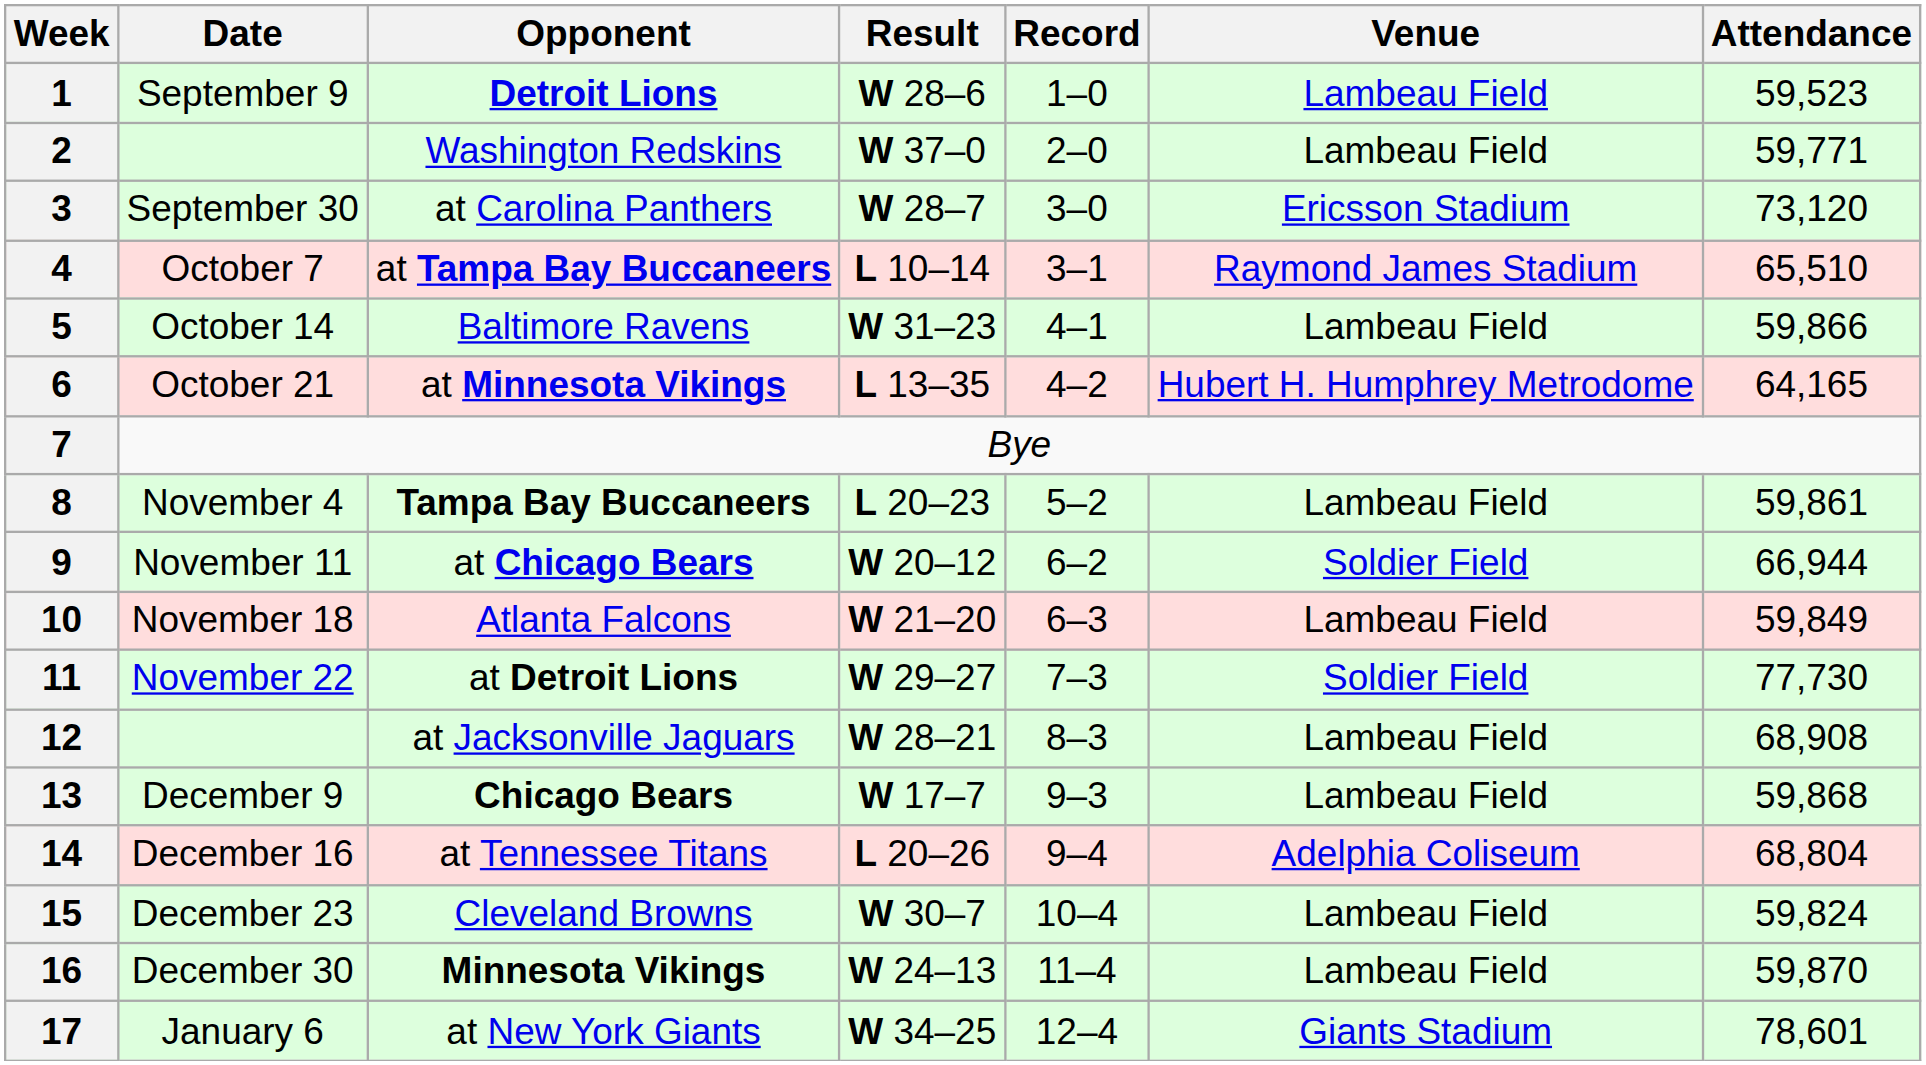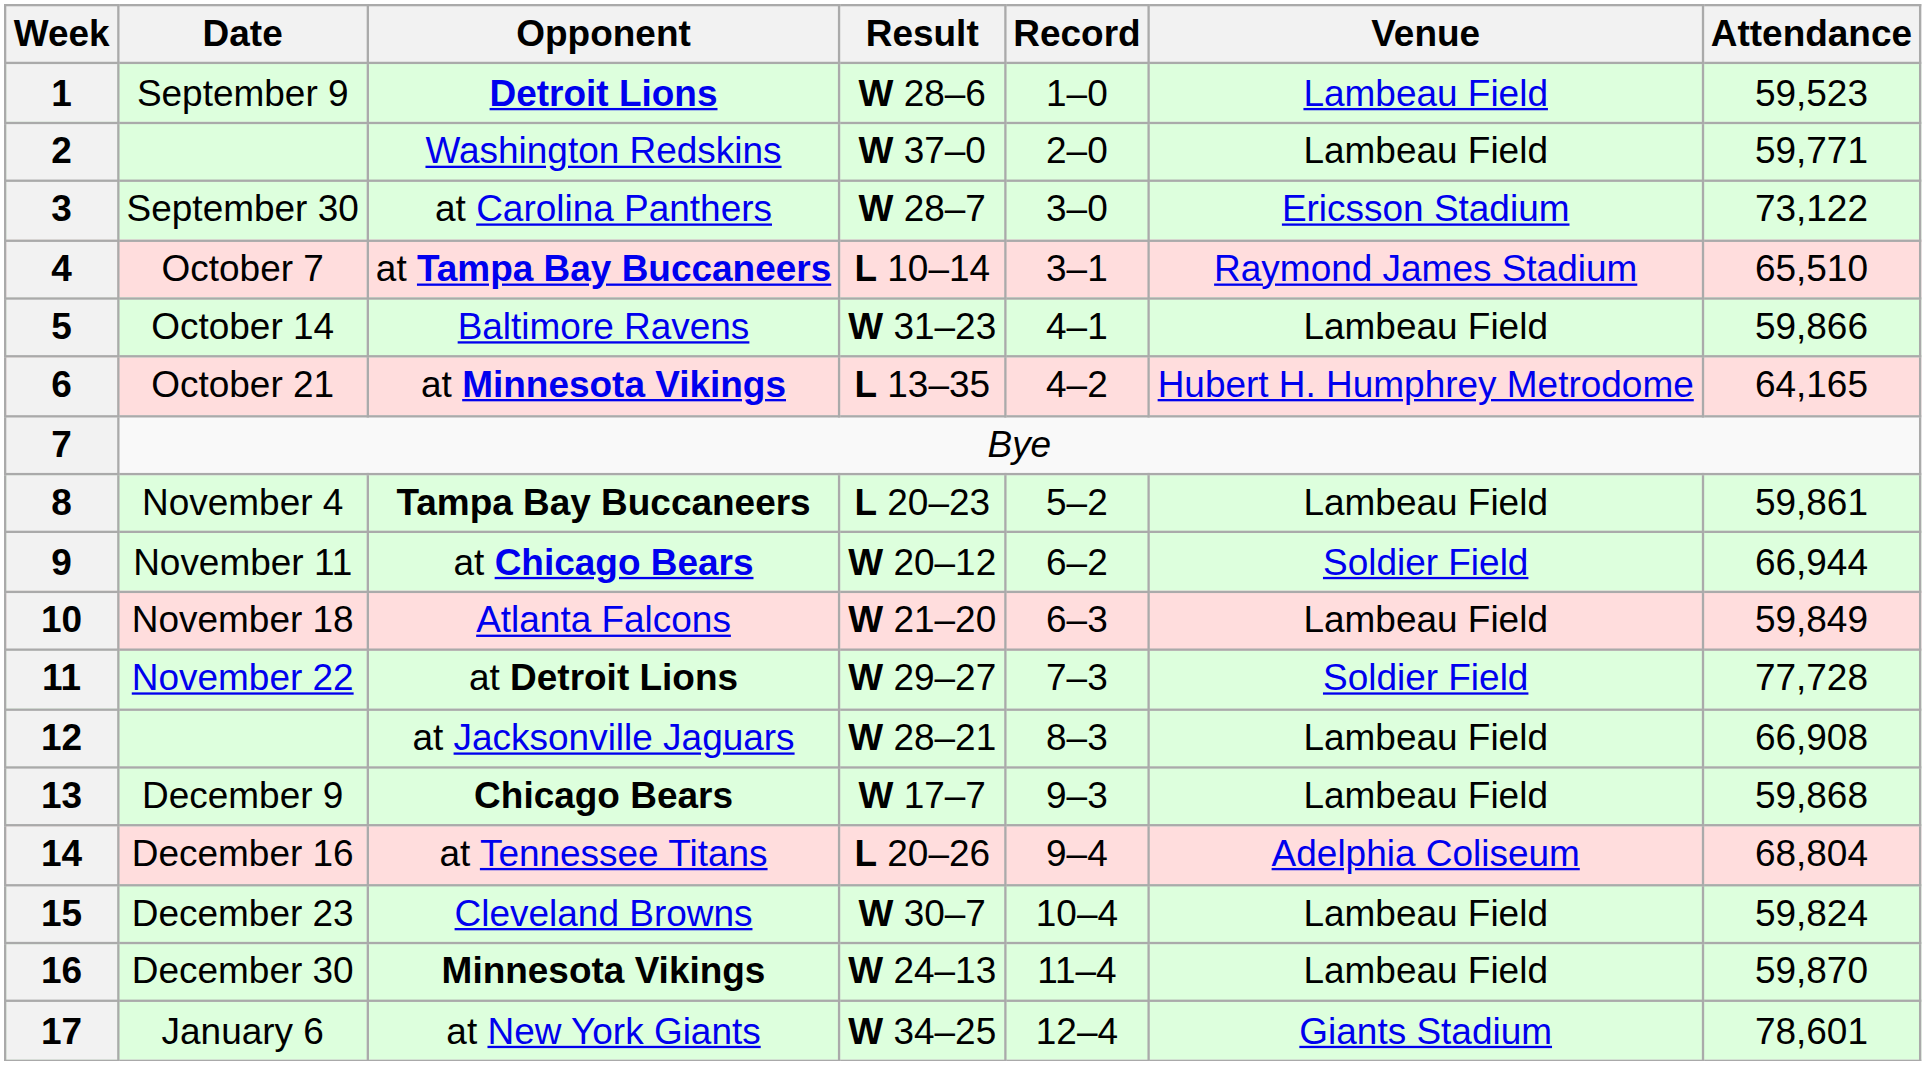 <table class="wikitable" style="text-align:center">
 <tr>
 <th>Week</th>
 <th>Date</th>
 <th>Opponent</th>
 <th>Result</th>
 <th>Record</th>
 <th>Venue</th>
 <th>Attendance</th>
 </tr>
 <tr style="background:#dfd">
 <th>1</th>
 <td>September 9</td>
 <td><strong><a href='#'>Detroit Lions</a></strong></td>
 <td><strong>W</strong> 28–6</td>
 <td>1–0</td>
 <td><a href='#'>Lambeau Field</a></td>
 <td>59,523</td>
 </tr>
 <tr style="background:#dfd">
 <th>2</th>
 <td></td>
 <td><a href='#'>Washington Redskins</a></td>
 <td><strong>W</strong> 37–0</td>
 <td>2–0</td>
 <td>Lambeau Field</td>
 <td>59,771</td>
 </tr>
 <tr style="background:#dfd">
 <th>3</th>
 <td>September 30</td>
 <td>at <a href='#'>Carolina Panthers</a></td>
 <td><strong>W</strong> 28–7</td>
 <td>3–0</td>
 <td><a href='#'>Ericsson Stadium</a></td>
-<td>73,120</td>
+<td>73,122</td>
 </tr>
 <tr style="background:#fdd">
 <th>4</th>
 <td>October 7</td>
 <td>at <strong><a href='#'>Tampa Bay Buccaneers</a></strong></td>
 <td><strong>L</strong> 10–14</td>
 <td>3–1</td>
 <td><a href='#'>Raymond James Stadium</a></td>
 <td>65,510</td>
 </tr>
 <tr style="background:#dfd">
 <th>5</th>
 <td>October 14</td>
 <td><a href='#'>Baltimore Ravens</a></td>
 <td><strong>W</strong> 31–23</td>
 <td>4–1</td>
 <td>Lambeau Field</td>
 <td>59,866</td>
 </tr>
 <tr style="background:#fdd">
 <th>6</th>
 <td>October 21</td>
 <td>at <strong><a href='#'>Minnesota Vikings</a></strong></td>
 <td><strong>L</strong> 13–35</td>
 <td>4–2</td>
 <td><a href='#'>Hubert H. Humphrey Metrodome</a></td>
 <td>64,165</td>
 </tr>
 <tr>
 <th>7</th>
 <td colspan=6 align="center"><em>Bye</em></td>
 </tr>
 <tr style="background:#dfd">
 <th>8</th>
 <td>November 4</td>
 <td><strong>Tampa Bay Buccaneers</strong></td>
 <td><strong>L</strong> 20–23</td>
 <td>5–2</td>
 <td>Lambeau Field</td>
 <td>59,861</td>
 </tr>
 <tr style="background:#dfd">
 <th>9</th>
 <td>November 11</td>
 <td>at <strong><a href='#'>Chicago Bears</a></strong></td>
 <td><strong>W</strong> 20–12</td>
 <td>6–2</td>
 <td><a href='#'>Soldier Field</a></td>
 <td>66,944</td>
 </tr>
 <tr style="background:#fdd">
 <th>10</th>
 <td>November 18</td>
 <td><a href='#'>Atlanta Falcons</a></td>
 <td><strong>W</strong> 21–20</td>
 <td>6–3</td>
 <td>Lambeau Field</td>
 <td>59,849</td>
 </tr>
 <tr style="background:#dfd">
 <th>11</th>
 <td><a href='#'>November 22</a></td>
 <td>at <strong>Detroit Lions</strong></td>
 <td><strong>W</strong> 29–27</td>
 <td>7–3</td>
 <td><a href='#'>Soldier Field</a></td>
-<td>77,730</td>
+<td>77,728</td>
 </tr>
 <tr style="background:#dfd">
 <th>12</th>
 <td></td>
 <td>at <a href='#'>Jacksonville Jaguars</a></td>
 <td><strong>W</strong> 28–21</td>
 <td>8–3</td>
 <td>Lambeau Field</td>
-<td>68,908</td>
+<td>66,908</td>
 </tr>
 <tr style="background:#dfd">
 <th>13</th>
 <td>December 9</td>
 <td><strong>Chicago Bears</strong></td>
 <td><strong>W</strong> 17–7</td>
 <td>9–3</td>
 <td>Lambeau Field</td>
 <td>59,868</td>
 </tr>
 <tr style="background:#fdd">
 <th>14</th>
 <td>December 16</td>
 <td>at <a href='#'>Tennessee Titans</a></td>
 <td><strong>L</strong> 20–26</td>
 <td>9–4</td>
 <td><a href='#'>Adelphia Coliseum</a></td>
 <td>68,804</td>
 </tr>
 <tr style="background:#dfd">
 <th>15</th>
 <td>December 23</td>
 <td><a href='#'>Cleveland Browns</a></td>
 <td><strong>W</strong> 30–7</td>
 <td>10–4</td>
 <td>Lambeau Field</td>
 <td>59,824</td>
 </tr>
 <tr style="background:#dfd">
 <th>16</th>
 <td>December 30</td>
 <td><strong>Minnesota Vikings</strong></td>
 <td><strong>W</strong> 24–13</td>
 <td>11–4</td>
 <td>Lambeau Field</td>
 <td>59,870</td>
 </tr>
 <tr style="background:#dfd">
 <th>17</th>
 <td>January 6</td>
 <td>at <a href='#'>New York Giants</a></td>
 <td><strong>W</strong> 34–25</td>
 <td>12–4</td>
 <td><a href='#'>Giants Stadium</a></td>
 <td>78,601</td>
 </tr>
 </table>
